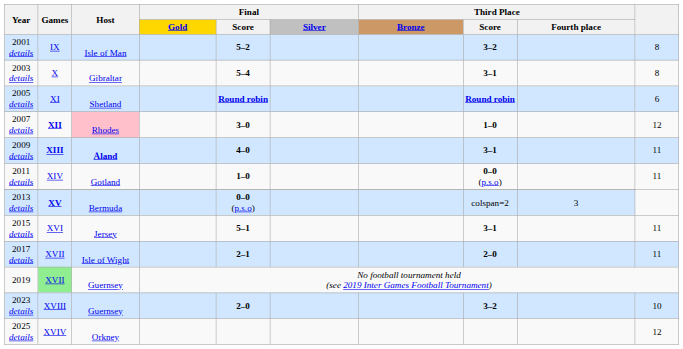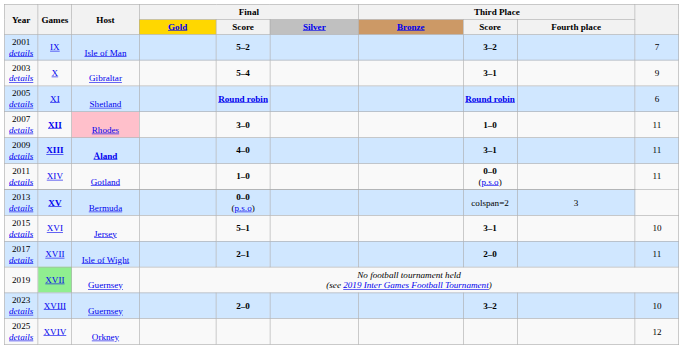 <table class="wikitable" style="text-align: center; font-size:95%;">
 <tr>
 <th rowspan="2" style="width:5%;">Year</th>
 <th rowspan="2" style="width:5%;">Games</th>
 <th rowspan="2" style="width:10%;">Host</th>
 <th colspan=3>Final</th>
 <th colspan=3>Third Place</th>
 <th rowspan=2 style= "width:;"></th>
 </tr>
 <tr>
 <th style="background-color: gold"><a href='#'>Gold</a></th>
 <th width=8%>Score</th>
 <th style="background-color: silver"><a href='#'>Silver</a></th>
 <th style="background-color: #CC9966"><a href='#'>Bronze</a></th>
 <th width=8%>Score</th>
 <th style="width:17.5%;">Fourth place</th>
 </tr>
 <tr style="text-align:center; background:#d0e7ff;">
 <td>2001<br><em><a href='#'>details</a></em></td>
 <td><a href='#'>IX</a></td>
 <td><br><a href='#'>Isle of Man</a></td>
 <td></td>
 <td><strong>5–2</strong></td>
 <td></td>
 <td></td>
 <td><strong>3–2</strong></td>
 <td></td>
-<td>8</td>
+<td>7</td>
 </tr>
 <tr align=center>
 <td>2003<br><em><a href='#'>details</a></em></td>
 <td><a href='#'>X</a></td>
 <td><br><a href='#'>Gibraltar</a></td>
 <td></td>
 <td><strong>5–4</strong></td>
 <td></td>
 <td></td>
 <td><strong>3–1</strong></td>
 <td></td>
-<td>8</td>
+<td>9</td>
 </tr>
 <tr style="text-align:center; background:#d0e7ff;">
 <td>2005<br><em><a href='#'>details</a></em></td>
 <td><a href='#'>XI</a></td>
 <td><br><a href='#'>Shetland</a></td>
 <td></td>
 <td><strong><a href='#'>Round robin</a></strong></td>
 <td></td>
 <td></td>
 <td><strong><a href='#'>Round robin</a></strong></td>
 <td></td>
 <td>6</td>
 </tr>
 <tr align=center>
 <td>2007<br><em><a href='#'>details</a></em></td>
 <td><strong><a href='#'>XII</a></strong></td>
 <td style="background: pink;"><br><a href='#'>Rhodes</a></td>
 <td></td>
 <td><strong>3–0</strong></td>
 <td></td>
 <td></td>
 <td><strong>1–0</strong></td>
 <td></td>
-<td>12</td>
+<td>11</td>
 </tr>
 <tr style="text-align:center; background:#d0e7ff;">
 <td>2009<br><em><a href='#'>details</a></em></td>
 <td><strong><a href='#'>XIII</a></strong></td>
 <td><strong><br><a href='#'>Åland</a></strong></td>
 <td></td>
 <td><strong>4–0</strong></td>
 <td></td>
 <td></td>
 <td><strong>3–1</strong></td>
 <td></td>
 <td>11</td>
 </tr>
 <tr align=center>
 <td>2011<br><em><a href='#'>details</a></em></td>
 <td><a href='#'>XIV</a></td>
 <td><br><a href='#'>Gotland</a></td>
 <td></td>
 <td><strong>1–0</strong><br></td>
 <td></td>
 <td></td>
 <td><strong>0–0</strong><br> (<a href='#'>p.s.o</a>)</td>
 <td></td>
 <td>11</td>
 </tr>
 <tr align=center>
 </tr>
 <tr style="text-align:center; background:#d0e7ff;">
 <td>2013<br><em><a href='#'>details</a></em></td>
 <td><strong><a href='#'>XV</a></strong></td>
 <td><br><a href='#'>Bermuda</a></td>
 <td></td>
 <td><strong>0–0</strong><br> (<a href='#'>p.s.o</a>)</td>
 <td></td>
 <td></td>
 <td>colspan=2 </td>
 <td>3</td>
 </tr>
 <tr align=center>
 <td>2015<br><em><a href='#'>details</a></em></td>
 <td><a href='#'>XVI</a></td>
 <td><br><a href='#'>Jersey</a></td>
 <td> </td>
 <td><strong>5–1</strong></td>
 <td></td>
 <td></td>
 <td><strong>3–1</strong></td>
 <td></td>
-<td>11</td>
+<td>10</td>
 </tr>
 <tr style="text-align:center; background:#d0e7ff;">
 <td>2017<br><em><a href='#'>details</a></em></td>
 <td><a href='#'>XVII</a></td>
 <td><br><a href='#'>Isle of Wight</a></td>
 <td></td>
 <td><strong>2–1</strong></td>
 <td></td>
 <td></td>
 <td><strong>2–0</strong></td>
 <td></td>
 <td>11</td>
 </tr>
 <tr align=center>
 <td>2019</td>
 <td style="background: lightgreen;"><a href='#'>XVII</a></td>
 <td><br><a href='#'>Guernsey</a></td>
 <td colspan="7"><em>No football tournament held<br>(see <a href='#'>2019 Inter Games Football Tournament</a>)</em></td>
 </tr>
 <tr style="text-align:center; background:#d0e7ff;">
 <td>2023<br><em><a href='#'>details</a></em></td>
 <td><a href='#'>XVIII</a></td>
 <td><br><a href='#'>Guernsey</a></td>
 <td></td>
 <td><strong>2–0</strong></td>
 <td></td>
 <td></td>
 <td><strong>3–2</strong></td>
 <td></td>
 <td>10</td>
 </tr>
 <tr style="text-align:center;">
 <td>2025<br><em><a href='#'>details</a></em></td>
 <td><a href='#'>XVIV</a></td>
 <td><br><a href='#'>Orkney</a></td>
 <td></td>
 <td></td>
 <td></td>
 <td></td>
 <td></td>
 <td></td>
 <td>12</td>
 </tr>
 </table>
